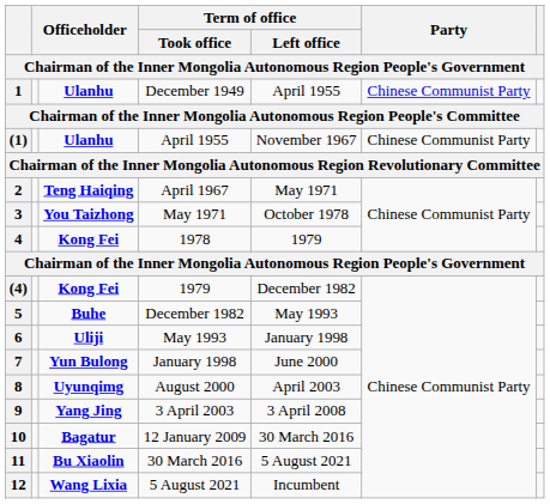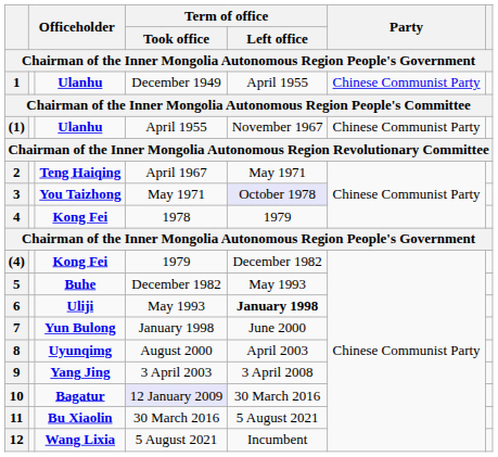 <table class="wikitable" style="text-align:center">
 <tr>
 <th rowspan="2"></th>
 <th colspan="2" rowspan="2">Officeholder</th>
 <th colspan="2">Term of office</th>
 <th rowspan="2">Party</th>
 <th rowspan="2"></th>
 </tr>
 <tr>
 <th>Took office</th>
 <th>Left office</th>
 </tr>
 <tr>
 <th colspan="7">Chairman of the <strong>Inner Mongolia Autonomous Region</strong> People's Government</th>
 </tr>
 <tr>
 <th>1</th>
 <td></td>
 <td><strong><a href='#'>Ulanhu</a></strong><br></td>
 <td>December 1949</td>
 <td>April 1955</td>
 <td><a href='#'>Chinese Communist Party</a></td>
 <td></td>
 </tr>
 <tr>
 <th colspan="7">Chairman of the Inner Mongolia Autonomous Region People's Committee</th>
 </tr>
 <tr>
 <th>(1)</th>
 <td></td>
 <td><strong><a href='#'>Ulanhu</a></strong><br></td>
 <td>April 1955</td>
 <td>November 1967</td>
 <td>Chinese Communist Party</td>
 <td></td>
 </tr>
 <tr>
 <th colspan="7"><strong>Chairman of the Inner Mongolia Autonomous Region Revolutionary Committee</strong></th>
 </tr>
 <tr>
 <th>2</th>
 <td></td>
 <td><strong><a href='#'>Teng Haiqing</a></strong><br></td>
 <td>April 1967</td>
 <td>May 1971</td>
 <td rowspan="3">Chinese Communist Party</td>
 <td></td>
 </tr>
 <tr>
 <th>3</th>
 <td></td>
 <td><strong><a href='#'>You Taizhong</a></strong><br></td>
 <td>May 1971</td>
-<td>October 1978</td>
+<td style="background: lavender;">October 1978</td>
 <td></td>
 </tr>
 <tr>
 <th>4</th>
 <td></td>
 <td><strong><a href='#'>Kong Fei</a></strong><br></td>
 <td>1978</td>
 <td>1979</td>
 <td></td>
 </tr>
 <tr>
 <th colspan="7">Chairman of the <strong>Inner Mongolia Autonomous Region</strong> People's Government</th>
 </tr>
 <tr>
 <th>(4)</th>
 <td></td>
 <td><strong><a href='#'>Kong Fei</a></strong><br></td>
 <td>1979</td>
 <td>December 1982</td>
 <td rowspan="9">Chinese Communist Party</td>
 <td></td>
 </tr>
 <tr>
 <th>5</th>
 <td></td>
 <td><strong><a href='#'>Buhe</a></strong><br></td>
 <td>December 1982</td>
 <td>May 1993</td>
 <td></td>
 </tr>
 <tr>
 <th>6</th>
 <td></td>
 <td><strong><a href='#'>Uliji</a></strong><br></td>
 <td>May 1993</td>
-<td>January 1998</td>
+<td><strong>January 1998</strong></td>
 <td></td>
 </tr>
 <tr>
 <th>7</th>
 <td></td>
 <td><strong><a href='#'>Yun Bulong</a></strong><br></td>
 <td>January 1998</td>
 <td>June 2000</td>
 <td></td>
 </tr>
 <tr>
 <th>8</th>
 <td></td>
 <td><strong><a href='#'>Uyunqimg</a></strong><br></td>
 <td>August 2000</td>
 <td>April 2003</td>
 <td></td>
 </tr>
 <tr>
 <th>9</th>
 <td></td>
 <td><strong><a href='#'>Yang Jing</a></strong><br></td>
 <td>3 April 2003</td>
 <td>3 April 2008</td>
 <td></td>
 </tr>
 <tr>
 <th>10</th>
 <td></td>
 <td><strong><a href='#'>Bagatur</a></strong><br></td>
-<td>12 January 2009</td>
+<td style="background: lavender;">12 January 2009</td>
 <td>30 March 2016</td>
 <td></td>
 </tr>
 <tr>
 <th>11</th>
 <td></td>
 <td><strong><a href='#'>Bu Xiaolin</a></strong><br></td>
 <td>30 March 2016</td>
 <td>5 August 2021</td>
 <td></td>
 </tr>
 <tr>
 <th>12</th>
 <td></td>
 <td><strong><a href='#'>Wang Lixia</a></strong><br></td>
 <td>5 August 2021</td>
 <td>Incumbent</td>
 <td></td>
 </tr>
 </table>
